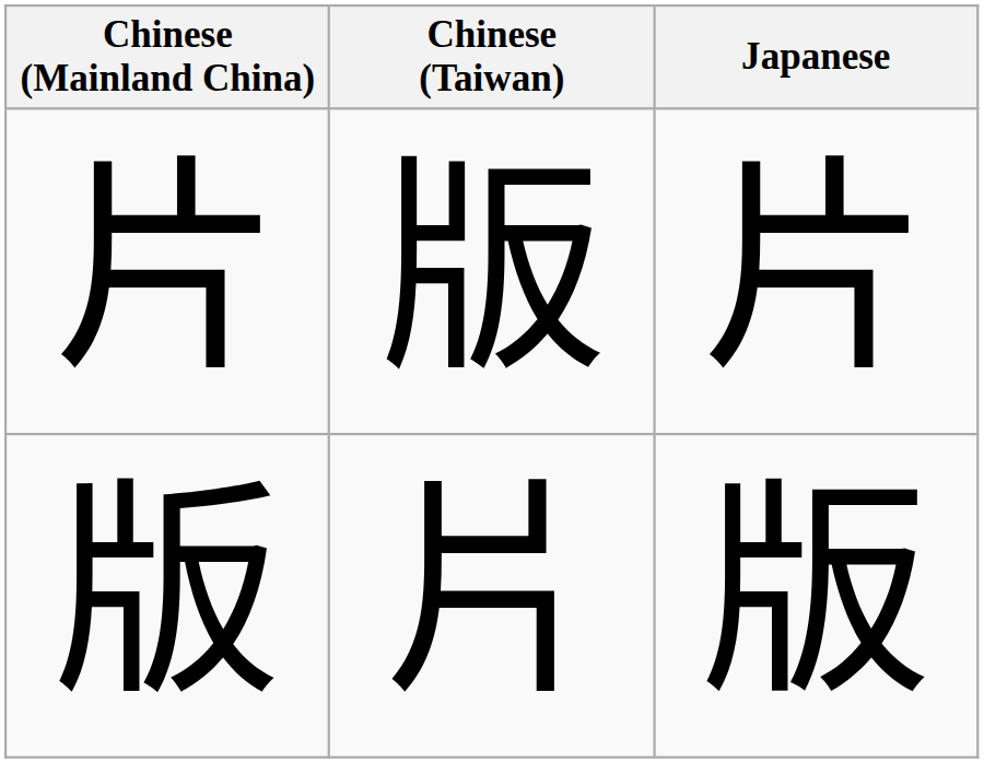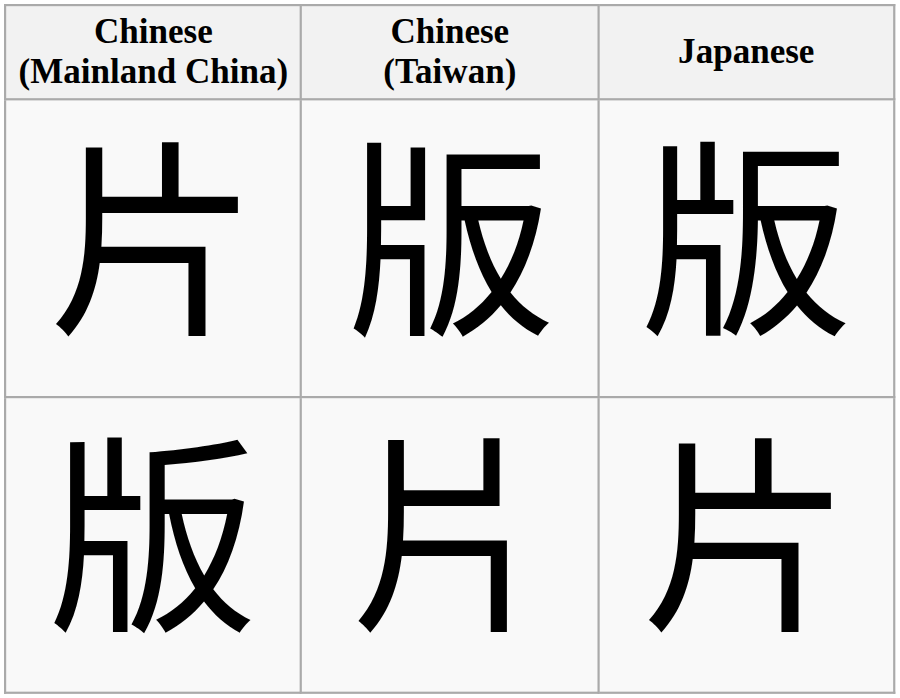 <table class="wikitable" style="text-align: center;">
 <tr>
 <th>Chinese<br>(Mainland China)</th>
 <th>Chinese<br>(Taiwan)</th>
 <th>Japanese</th>
 </tr>
 <tr style="font-size:6em; font-family:serif; line-height:100%;">
 <td lang="zh-cn">片</td>
 <td lang="zh-tw">版</td>
-<td lang="ja">片</td>
+<td lang="ja">版</td>
 </tr>
 <tr style="font-size:6em; font-family:serif; line-height:100%;">
 <td lang="zh-cn">版</td>
 <td lang="zh-tw">片</td>
-<td lang="ja">版</td>
+<td lang="ja">片</td>
 </tr>
 </table>
